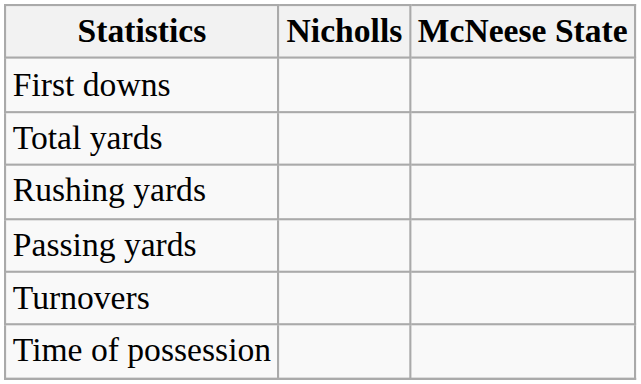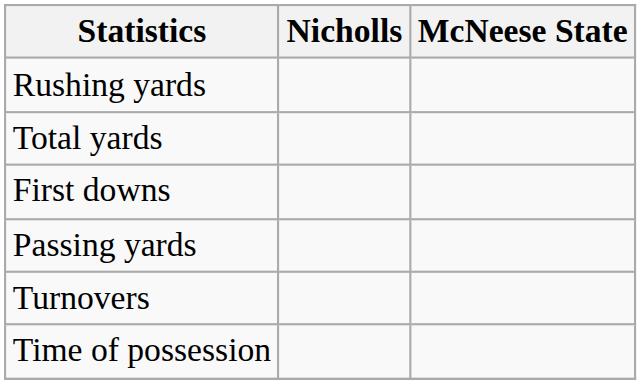 <table class="wikitable">
 <tr>
 <th>Statistics</th>
 <th>Nicholls</th>
 <th>McNeese State</th>
 </tr>
 <tr>
-<td>First downs</td>
+<td>Rushing yards</td>
 <td> </td>
 <td> </td>
 </tr>
 <tr>
 <td>Total yards</td>
 <td> </td>
 <td> </td>
 </tr>
 <tr>
-<td>Rushing yards</td>
+<td>First downs</td>
 <td> </td>
 <td> </td>
 </tr>
 <tr>
 <td>Passing yards</td>
 <td> </td>
 <td> </td>
 </tr>
 <tr>
 <td>Turnovers</td>
 <td> </td>
 <td> </td>
 </tr>
 <tr>
 <td>Time of possession</td>
 <td> </td>
 <td> </td>
 </tr>
 <tr>
 </tr>
 </table>
